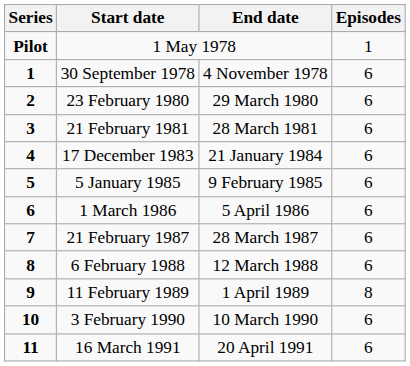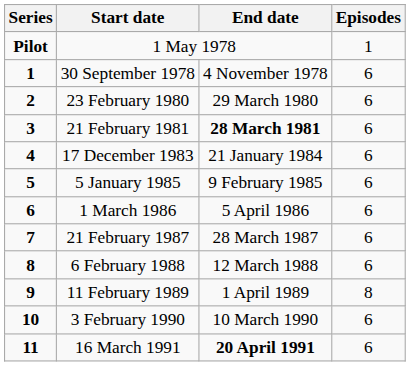 <table class="wikitable" style="text-align:center;">
 <tr>
 <th>Series</th>
 <th>Start date</th>
 <th>End date</th>
 <th>Episodes</th>
 </tr>
 <tr>
 <td><strong>Pilot</strong></td>
 <td colspan="2">1 May 1978</td>
 <td>1</td>
 </tr>
 <tr>
 <td><strong>1</strong></td>
 <td>30 September 1978</td>
 <td>4 November 1978</td>
 <td>6</td>
 </tr>
 <tr>
 <td><strong>2</strong></td>
 <td>23 February 1980</td>
 <td>29 March 1980</td>
 <td>6</td>
 </tr>
 <tr>
 <td><strong>3</strong></td>
 <td>21 February 1981</td>
-<td>28 March 1981</td>
+<td><strong>28 March 1981</strong></td>
 <td>6</td>
 </tr>
 <tr>
 <td><strong>4</strong></td>
 <td>17 December 1983</td>
 <td>21 January 1984</td>
 <td>6</td>
 </tr>
 <tr>
 <td><strong>5</strong></td>
 <td>5 January 1985</td>
 <td>9 February 1985</td>
 <td>6</td>
 </tr>
 <tr>
 <td><strong>6</strong></td>
 <td>1 March 1986</td>
 <td>5 April 1986</td>
 <td>6</td>
 </tr>
 <tr>
 <td><strong>7</strong></td>
 <td>21 February 1987</td>
 <td>28 March 1987</td>
 <td>6</td>
 </tr>
 <tr>
 <td><strong>8</strong></td>
 <td>6 February 1988</td>
 <td>12 March 1988</td>
 <td>6</td>
 </tr>
 <tr>
 <td><strong>9</strong></td>
 <td>11 February 1989</td>
 <td>1 April 1989</td>
 <td>8</td>
 </tr>
 <tr>
 <td><strong>10</strong></td>
 <td>3 February 1990</td>
 <td>10 March 1990</td>
 <td>6</td>
 </tr>
 <tr>
 <td><strong>11</strong></td>
 <td>16 March 1991</td>
-<td>20 April 1991</td>
+<td><strong>20 April 1991</strong></td>
 <td>6</td>
 </tr>
 </table>
